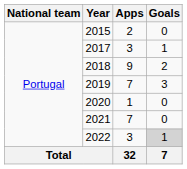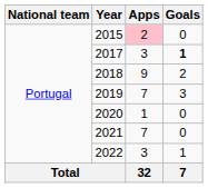 <table class="wikitable" style="text-align:center">
 <tr>
 <th>National team</th>
 <th>Year</th>
 <th>Apps</th>
 <th>Goals</th>
 </tr>
 <tr>
 <td rowspan="7"><a href='#'>Portugal</a></td>
 <td>2015</td>
-<td>2</td>
+<td style="background: pink;">2</td>
 <td>0</td>
 </tr>
 <tr>
 <td>2017</td>
 <td>3</td>
-<td>1</td>
+<td><strong>1</strong></td>
 </tr>
 <tr>
 <td>2018</td>
 <td>9</td>
 <td>2</td>
 </tr>
 <tr>
 <td>2019</td>
 <td>7</td>
 <td>3</td>
 </tr>
 <tr>
 <td>2020</td>
 <td>1</td>
 <td>0</td>
 </tr>
 <tr>
 <td>2021</td>
 <td>7</td>
 <td>0</td>
 </tr>
 <tr>
 <td>2022</td>
 <td>3</td>
-<td style="background: lightgrey;">1</td>
+<td>1</td>
 </tr>
 <tr>
 <th colspan="2">Total</th>
 <th>32</th>
 <th>7</th>
 </tr>
 </table>
